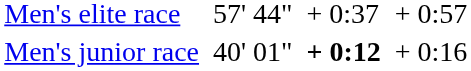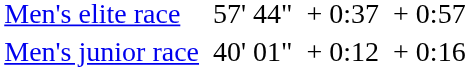 <table>
 <tr>
 <td><a href='#'>Men's elite race</a></td>
 <td></td>
 <td>57' 44"</td>
 <td></td>
 <td>+ 0:37</td>
 <td></td>
 <td>+ 0:57</td>
 </tr>
 <tr>
 <td><a href='#'>Men's junior race</a></td>
 <td></td>
 <td>40' 01"</td>
 <td></td>
-<td><strong>+ 0:12</strong></td>
+<td>+ 0:12</td>
 <td></td>
 <td>+ 0:16</td>
 </tr>
 </table>
